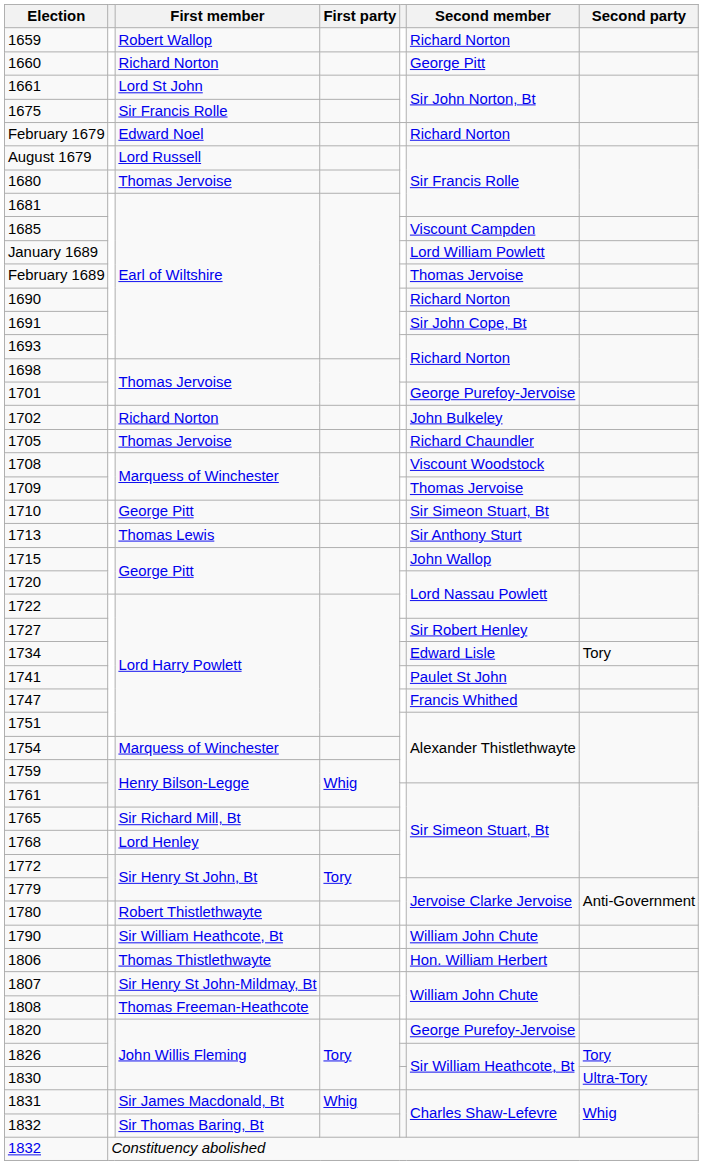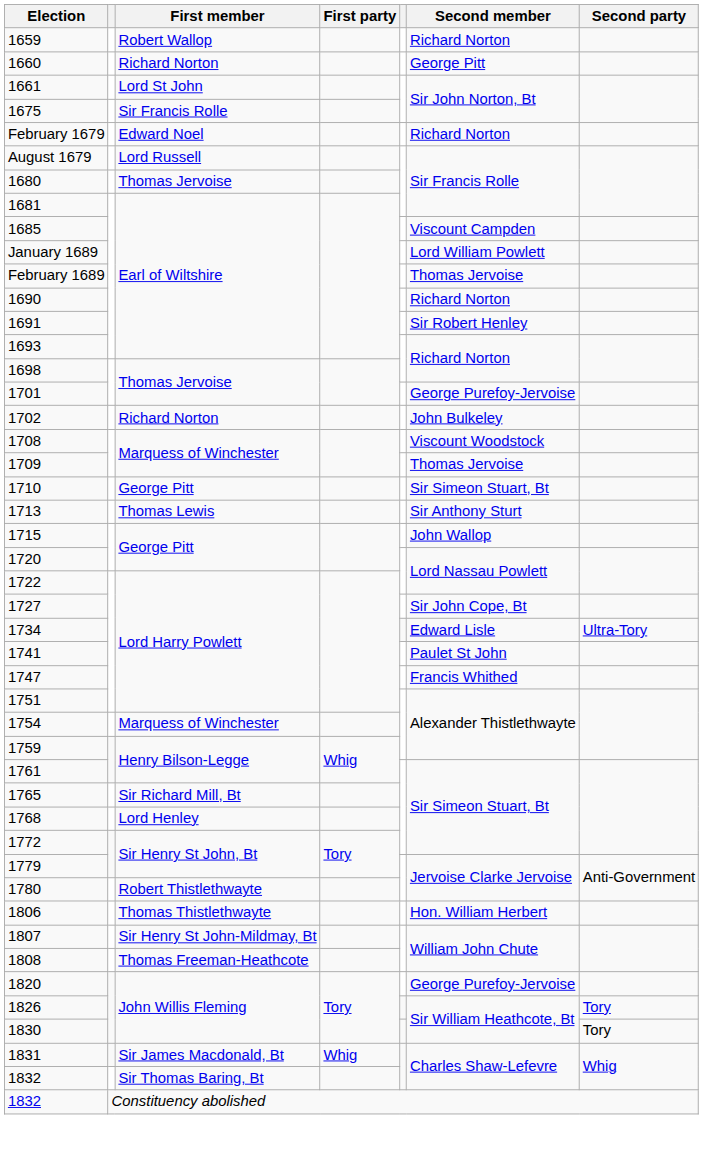 <table class="wikitable">
 <tr>
 <th>Election</th>
 <th></th>
 <th>First member</th>
 <th>First party</th>
 <th></th>
 <th>Second member</th>
 <th>Second party</th>
 </tr>
 <tr>
 <td>1659</td>
 <td style="color:inherit;background:white;"></td>
 <td><a href='#'>Robert Wallop</a></td>
 <td></td>
 <td style="color:inherit;background:white;"></td>
 <td><a href='#'>Richard Norton</a></td>
 <td></td>
 </tr>
 <tr>
 <td>1660</td>
 <td style="color:inherit;background:white;"></td>
 <td><a href='#'>Richard Norton</a></td>
 <td></td>
 <td style="color:inherit;background:white;"></td>
 <td><a href='#'>George Pitt</a></td>
 <td></td>
 </tr>
 <tr>
 <td>1661</td>
 <td style="color:inherit;background:white;"></td>
 <td><a href='#'>Lord St John</a></td>
 <td></td>
 <td rowspan="2" style="color:inherit;background:white;"></td>
 <td rowspan="2"><a href='#'>Sir John Norton, Bt</a></td>
 <td rowspan="2"></td>
 </tr>
 <tr>
 <td>1675</td>
 <td style="color:inherit;background:white;"></td>
 <td><a href='#'>Sir Francis Rolle</a></td>
 <td></td>
 </tr>
 <tr>
 <td>February 1679</td>
 <td style="color:inherit;background:white;"></td>
 <td><a href='#'>Edward Noel</a></td>
 <td></td>
 <td style="color:inherit;background:white;"></td>
 <td><a href='#'>Richard Norton</a></td>
 <td></td>
 </tr>
 <tr>
 <td>August 1679</td>
 <td style="color:inherit;background:white;"></td>
 <td><a href='#'>Lord Russell</a></td>
 <td></td>
 <td rowspan="3" style="color:inherit;background:white;"></td>
 <td rowspan="3"><a href='#'>Sir Francis Rolle</a></td>
 <td rowspan="3"></td>
 </tr>
 <tr>
 <td>1680</td>
 <td style="color:inherit;background:white;"></td>
 <td><a href='#'>Thomas Jervoise</a></td>
 <td></td>
 </tr>
 <tr>
 <td>1681</td>
 <td rowspan="7" style="color:inherit;background:white;"></td>
 <td rowspan="7"><a href='#'>Earl of Wiltshire</a></td>
 <td rowspan="7"></td>
 </tr>
 <tr>
 <td>1685</td>
 <td style="color:inherit;background:white;"></td>
 <td><a href='#'>Viscount Campden</a></td>
 <td></td>
 </tr>
 <tr>
 <td>January 1689</td>
 <td style="color:inherit;background:white;"></td>
 <td><a href='#'>Lord William Powlett</a></td>
 <td></td>
 </tr>
 <tr>
 <td>February 1689</td>
 <td style="color:inherit;background:white;"></td>
 <td><a href='#'>Thomas Jervoise</a></td>
 <td></td>
 </tr>
 <tr>
 <td>1690</td>
 <td style="color:inherit;background:white;"></td>
 <td><a href='#'>Richard Norton</a></td>
 <td></td>
 </tr>
 <tr>
 <td>1691</td>
 <td style="color:inherit;background:white;"></td>
-<td><a href='#'>Sir John Cope, Bt</a></td>
+<td><a href='#'>Sir Robert Henley</a></td>
 <td></td>
 </tr>
 <tr>
 <td>1693</td>
 <td rowspan="2" style="color:inherit;background:white;"></td>
 <td rowspan="2"><a href='#'>Richard Norton</a></td>
 <td rowspan="2"></td>
 </tr>
 <tr>
 <td>1698</td>
 <td rowspan="2" style="color:inherit;background:white;"></td>
 <td rowspan="2"><a href='#'>Thomas Jervoise</a></td>
 <td rowspan="2"></td>
 </tr>
 <tr>
 <td>1701</td>
 <td style="color:inherit;background:white;"></td>
 <td><a href='#'>George Purefoy-Jervoise</a></td>
 <td></td>
 </tr>
 <tr>
 <td>1702</td>
 <td style="color:inherit;background:white;"></td>
 <td><a href='#'>Richard Norton</a></td>
 <td></td>
 <td style="color:inherit;background:white;"></td>
 <td><a href='#'>John Bulkeley</a></td>
-<td></td>
-</tr>
-<tr>
-<td>1705</td>
-<td style="color:inherit;background:white;"></td>
-<td><a href='#'>Thomas Jervoise</a></td>
-<td></td>
-<td style="color:inherit;background:white;"></td>
-<td><a href='#'>Richard Chaundler</a></td>
 <td></td>
 </tr>
 <tr>
 <td>1708</td>
 <td rowspan="2" style="color:inherit;background:white;"></td>
 <td rowspan="2"><a href='#'>Marquess of Winchester</a></td>
 <td rowspan="2"></td>
 <td style="color:inherit;background:white;"></td>
 <td><a href='#'>Viscount Woodstock</a></td>
 <td></td>
 </tr>
 <tr>
 <td>1709</td>
 <td style="color:inherit;background:white;"></td>
 <td><a href='#'>Thomas Jervoise</a></td>
 <td></td>
 </tr>
 <tr>
 <td>1710</td>
 <td style="color:inherit;background:white;"></td>
 <td><a href='#'>George Pitt</a></td>
 <td></td>
 <td style="color:inherit;background:white;"></td>
 <td><a href='#'>Sir Simeon Stuart, Bt</a></td>
 <td></td>
 </tr>
 <tr>
 <td>1713</td>
 <td style="color:inherit;background:white;"></td>
 <td><a href='#'>Thomas Lewis</a></td>
 <td></td>
 <td style="color:inherit;background:white;"></td>
 <td><a href='#'>Sir Anthony Sturt</a></td>
 <td></td>
 </tr>
 <tr>
 <td>1715</td>
 <td rowspan="2" style="color:inherit;background:white;"></td>
 <td rowspan="2"><a href='#'>George Pitt</a></td>
 <td rowspan="2"></td>
 <td style="color:inherit;background:white;"></td>
 <td><a href='#'>John Wallop</a></td>
 <td></td>
 </tr>
 <tr>
 <td>1720</td>
 <td rowspan="2" style="color:inherit;background:white;"></td>
 <td rowspan="2"><a href='#'>Lord Nassau Powlett</a></td>
 <td rowspan="2"></td>
 </tr>
 <tr>
 <td>1722</td>
 <td rowspan="6" style="color:inherit;background:white;"></td>
 <td rowspan="6"><a href='#'>Lord Harry Powlett</a></td>
 <td rowspan="6"></td>
 </tr>
 <tr>
 <td>1727</td>
 <td style="color:inherit;background:white;"></td>
-<td><a href='#'>Sir Robert Henley</a></td>
+<td><a href='#'>Sir John Cope, Bt</a></td>
 <td></td>
 </tr>
 <tr>
 <td>1734 </td>
 <td style="color:inherit;background-color: "></td>
 <td><a href='#'>Edward Lisle</a></td>
-<td>Tory</td>
+<td><a href='#'>Ultra-Tory</a></td>
 </tr>
 <tr>
 <td>1741</td>
 <td style="color:inherit;background:white;"></td>
 <td><a href='#'>Paulet St John</a></td>
 <td></td>
 </tr>
 <tr>
 <td>1747</td>
 <td style="color:inherit;background:white;"></td>
 <td><a href='#'>Francis Whithed</a></td>
 <td></td>
 </tr>
 <tr>
 <td>1751</td>
 <td rowspan="3" style="color:inherit;background:white;"></td>
 <td rowspan="3">Alexander Thistlethwayte</td>
 <td rowspan="3"></td>
 </tr>
 <tr>
 <td>1754</td>
 <td style="color:inherit;background:white;"></td>
 <td><a href='#'>Marquess of Winchester</a></td>
 <td></td>
 </tr>
 <tr>
 <td>1759</td>
 <td rowspan="2" style="color:inherit;background-color: "></td>
 <td rowspan="2"><a href='#'>Henry Bilson-Legge</a></td>
 <td rowspan="2"><a href='#'>Whig</a></td>
 </tr>
 <tr>
 <td>1761</td>
 <td rowspan="4" style="color:inherit;background:white;"></td>
 <td rowspan="4"><a href='#'>Sir Simeon Stuart, Bt</a></td>
 <td rowspan="4"></td>
 </tr>
 <tr>
 <td>1765</td>
 <td style="color:inherit;background:white;"></td>
 <td><a href='#'>Sir Richard Mill, Bt</a></td>
 <td></td>
 </tr>
 <tr>
 <td>1768</td>
 <td style="color:inherit;background:white;"></td>
 <td><a href='#'>Lord Henley</a></td>
 <td></td>
 </tr>
 <tr>
 <td>1772</td>
 <td rowspan="2" style="color:inherit;background-color: "></td>
 <td rowspan="2"><a href='#'>Sir Henry St John, Bt</a></td>
 <td rowspan="2"><a href='#'>Tory</a></td>
 </tr>
 <tr>
 <td>1779</td>
 <td rowspan="2" style="color:inherit;background:white;"></td>
 <td rowspan="2"><a href='#'>Jervoise Clarke Jervoise</a></td>
 <td rowspan="2">Anti-Government</td>
 </tr>
 <tr>
 <td>1780</td>
 <td style="color:inherit;background:white;"></td>
 <td><a href='#'>Robert Thistlethwayte</a></td>
 <td></td>
 </tr>
 <tr>
-<td>1790</td>
-<td style="color:inherit;background:white;"></td>
-<td><a href='#'>Sir William Heathcote, Bt</a></td>
-<td></td>
-<td style="color:inherit;background:white;"></td>
-<td><a href='#'>William John Chute</a></td>
-<td></td>
-</tr>
-<tr>
 <td>1806</td>
 <td style="color:inherit;background:white;"></td>
 <td><a href='#'>Thomas Thistlethwayte</a></td>
 <td></td>
 <td style="color:inherit;background:white;"></td>
 <td><a href='#'>Hon. William Herbert</a></td>
 <td></td>
 </tr>
 <tr>
 <td>1807</td>
 <td style="color:inherit;background:white;"></td>
 <td><a href='#'>Sir Henry St John-Mildmay, Bt</a></td>
 <td></td>
 <td rowspan="2" style="color:inherit;background:white;"></td>
 <td rowspan="2"><a href='#'>William John Chute</a></td>
 <td rowspan="2"></td>
 </tr>
 <tr>
 <td>1808</td>
 <td style="color:inherit;background:white;"></td>
 <td><a href='#'>Thomas Freeman-Heathcote</a></td>
 <td></td>
 </tr>
 <tr>
 <td>1820</td>
 <td rowspan="3" style="color:inherit;background-color: "></td>
 <td rowspan="3"><a href='#'>John Willis Fleming</a></td>
 <td rowspan="3"><a href='#'>Tory</a></td>
 <td style="color:inherit;background:white;"></td>
 <td><a href='#'>George Purefoy-Jervoise</a></td>
 <td></td>
 </tr>
 <tr>
 <td>1826</td>
 <td style="color:inherit;background-color: "></td>
 <td rowspan="2"><a href='#'>Sir William Heathcote, Bt</a></td>
 <td><a href='#'>Tory</a></td>
 </tr>
 <tr>
 <td>1830</td>
 <td style="color:inherit;background-color: "></td>
-<td><a href='#'>Ultra-Tory</a></td>
+<td>Tory</td>
 </tr>
 <tr>
 <td>1831</td>
 <td style="color:inherit;background-color: "></td>
 <td><a href='#'>Sir James Macdonald, Bt</a></td>
 <td><a href='#'>Whig</a></td>
 <td rowspan="2" style="color:inherit;background-color: "></td>
 <td rowspan="2"><a href='#'>Charles Shaw-Lefevre</a></td>
 <td rowspan="2"><a href='#'>Whig</a></td>
 </tr>
 <tr>
 <td>1832</td>
 <td style="color:inherit;background:white;"></td>
 <td><a href='#'>Sir Thomas Baring, Bt</a></td>
 <td></td>
 </tr>
 <tr>
 <td><a href='#'>1832</a></td>
 <td colspan="6"><em>Constituency abolished</em></td>
 </tr>
 </table>
